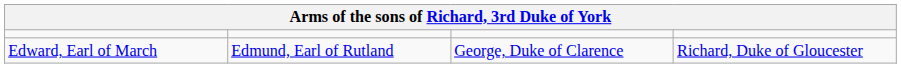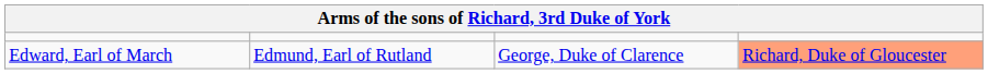 <table class="wikitable" width="100%">
 <tr>
 <th align=center colspan=4>Arms of the sons of <a href='#'>Richard, 3rd Duke of York</a></th>
 </tr>
 <tr>
 <td align=center width="25%"></td>
 <td align=center width="25%"></td>
 <td align=center width="25%"></td>
 <td align=center width="25%"></td>
 </tr>
 <tr>
 <td><a href='#'>Edward, Earl of March</a></td>
 <td><a href='#'>Edmund, Earl of Rutland</a></td>
 <td><a href='#'>George, Duke of Clarence</a></td>
-<td><a href='#'>Richard, Duke of Gloucester</a></td>
+<td style="background: lightsalmon;"><a href='#'>Richard, Duke of Gloucester</a></td>
 </tr>
 </table>
